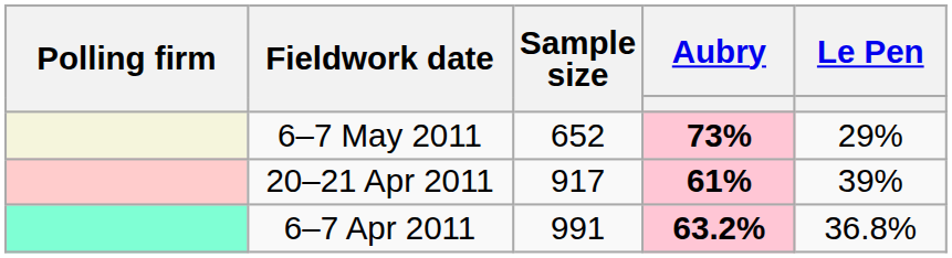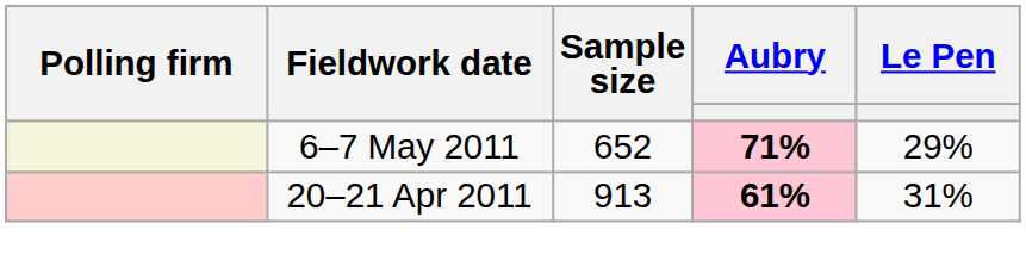 <table class="wikitable sortable" style="text-align:center;font-size:90%;line-height:14px;">
 <tr style="height:40px;">
 <th style="width:100px;" rowspan="2">Polling firm</th>
 <th style="width:110px;" rowspan="2">Fieldwork date</th>
 <th style="width:35px;" rowspan="2">Sample<br>size</th>
 <th class="unsortable" style="width:60px;"><a href='#'>Aubry</a><br></th>
 <th class="unsortable" style="width:60px;"><a href='#'>Le Pen</a><br></th>
 </tr>
 <tr>
 <th style="background:"></th>
 <th style="background:"></th>
 </tr>
 <tr>
 <td style="background:beige;"></td>
 <td data-sort-value="2011-05-07">6–7 May 2011</td>
 <td>652</td>
-<td style="background:#FFC6D5;"><strong>73%</strong></td>
+<td style="background:#FFC6D5;"><strong>71%</strong></td>
 <td>29%</td>
 </tr>
 <tr>
 <td style="background:#FFCCCC;"></td>
 <td data-sort-value="2011-04-21">20–21 Apr 2011</td>
-<td>917</td>
+<td>913</td>
 <td style="background:#FFC6D5;"><strong>61%</strong></td>
-<td>39%</td>
-</tr>
-<tr>
-<td style="background:aquamarine;"></td>
-<td data-sort-value="2011-04-07">6–7 Apr 2011</td>
-<td>991</td>
-<td style="background:#FFC6D5;"><strong>63.2%</strong></td>
-<td>36.8%</td>
+<td>31%</td>
 </tr>
 </table>
